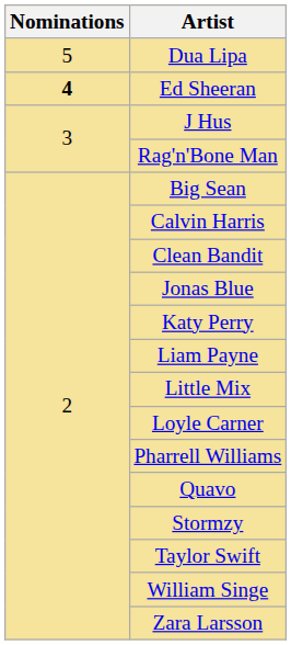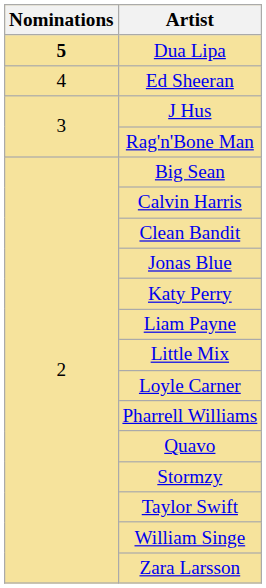 <table class="wikitable plainrowheaders" rowspan=2 border="2" cellpadding="4" style="text-align: center; background: #f6e39c">
 <tr>
 <th scope="col" style="width:55px;">Nominations</th>
 <th scope="col" style="text-align:center;">Artist</th>
 </tr>
 <tr>
-<td scope=row style="text-align:center">5</td>
+<td scope=row style="text-align:center"><strong>5</strong></td>
 <td><a href='#'>Dua Lipa</a></td>
 </tr>
 <tr>
-<td scope=row style="text-align:center"><strong>4</strong></td>
+<td scope=row style="text-align:center">4</td>
 <td><a href='#'>Ed Sheeran</a></td>
 </tr>
 <tr>
 <td scope=row rowspan="2" style="text-align:center">3</td>
 <td><a href='#'>J Hus</a></td>
 </tr>
 <tr>
 <td><a href='#'>Rag'n'Bone Man</a></td>
 </tr>
 <tr>
 <td scope=row rowspan="14" style="text-align:center">2</td>
 <td><a href='#'>Big Sean</a></td>
 </tr>
 <tr>
 <td><a href='#'>Calvin Harris</a></td>
 </tr>
 <tr>
 <td><a href='#'>Clean Bandit</a></td>
 </tr>
 <tr>
 <td><a href='#'>Jonas Blue</a></td>
 </tr>
 <tr>
 <td><a href='#'>Katy Perry</a></td>
 </tr>
 <tr>
 <td><a href='#'>Liam Payne</a></td>
 </tr>
 <tr>
 <td><a href='#'>Little Mix</a></td>
 </tr>
 <tr>
 <td><a href='#'>Loyle Carner</a></td>
 </tr>
 <tr>
 <td><a href='#'>Pharrell Williams</a></td>
 </tr>
 <tr>
 <td><a href='#'>Quavo</a></td>
 </tr>
 <tr>
 <td><a href='#'>Stormzy</a></td>
 </tr>
 <tr>
 <td><a href='#'>Taylor Swift</a></td>
 </tr>
 <tr>
 <td><a href='#'>William Singe</a></td>
 </tr>
 <tr>
 <td><a href='#'>Zara Larsson</a></td>
 </tr>
 </table>
